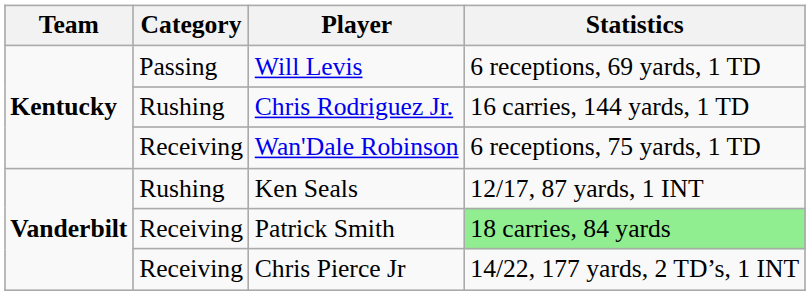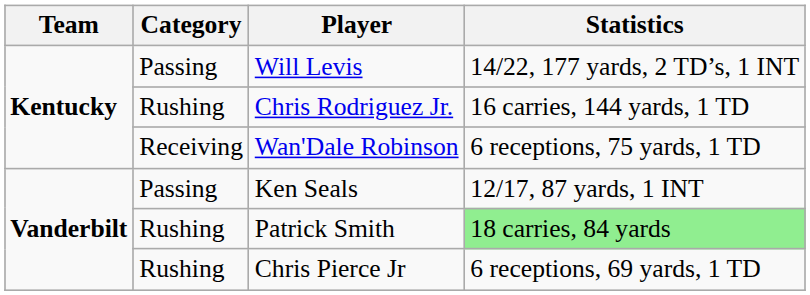 <table class="wikitable" style="float: right;">
 <tr>
 <th>Team</th>
 <th>Category</th>
 <th>Player</th>
 <th>Statistics</th>
 </tr>
 <tr>
 <td rowspan=3><strong>Kentucky</strong></td>
 <td>Passing</td>
 <td><a href='#'>Will Levis</a></td>
-<td>6 receptions, 69 yards, 1 TD</td>
+<td>14/22, 177 yards, 2 TD’s, 1 INT</td>
 </tr>
 <tr>
 <td>Rushing</td>
 <td><a href='#'>Chris Rodriguez Jr.</a></td>
 <td>16 carries, 144 yards, 1 TD</td>
 </tr>
 <tr>
 <td>Receiving</td>
 <td><a href='#'>Wan'Dale Robinson</a></td>
 <td>6 receptions, 75 yards, 1 TD</td>
 </tr>
 <tr>
 <td rowspan=3><strong>Vanderbilt</strong></td>
-<td>Rushing</td>
+<td>Passing</td>
 <td>Ken Seals</td>
 <td>12/17, 87 yards, 1 INT</td>
 </tr>
 <tr>
-<td>Receiving</td>
+<td>Rushing</td>
 <td>Patrick Smith</td>
 <td style="background: lightgreen;">18 carries, 84 yards</td>
 </tr>
 <tr>
-<td>Receiving</td>
+<td>Rushing</td>
 <td>Chris Pierce Jr</td>
-<td>14/22, 177 yards, 2 TD’s, 1 INT</td>
+<td>6 receptions, 69 yards, 1 TD</td>
 </tr>
 </table>
